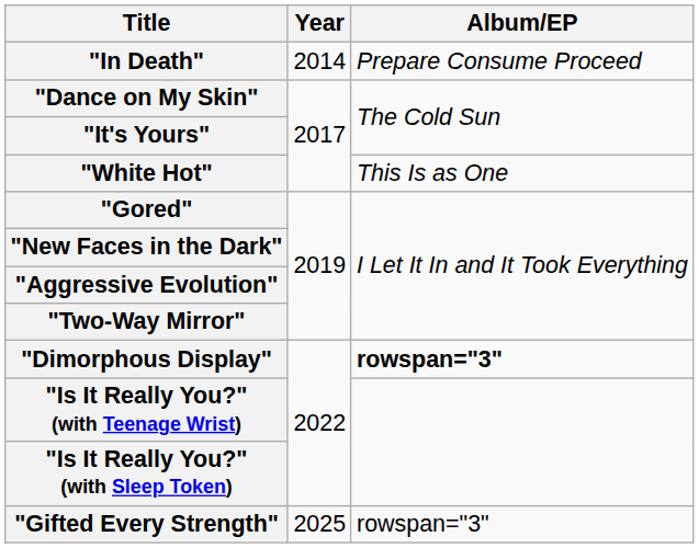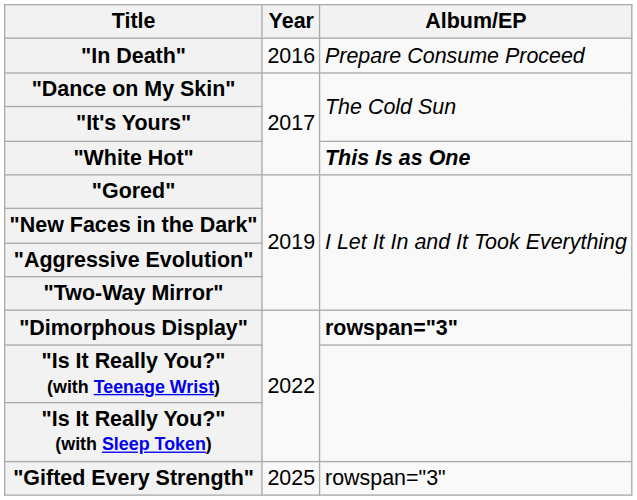 <table class="wikitable plainrowheaders">
 <tr>
 <th>Title</th>
 <th>Year</th>
 <th>Album/EP</th>
 </tr>
 <tr>
 <th scope="row">"In Death"</th>
-<td>2014</td>
+<td>2016</td>
 <td><em>Prepare Consume Proceed</em></td>
 </tr>
 <tr>
 <th scope="row">"Dance on My Skin"</th>
 <td rowspan="3" style="text-align:center;">2017</td>
 <td rowspan="2"><em>The Cold Sun</em></td>
 </tr>
 <tr>
 <th scope="row">"It's Yours"</th>
 </tr>
 <tr>
 <th scope="row">"White Hot"</th>
-<td><em>This Is as One</em></td>
+<td><strong><em>This Is as One</em></strong></td>
 </tr>
 <tr>
 <th scope="row">"Gored"</th>
 <td rowspan="4">2019</td>
 <td rowspan="4"><em>I Let It In and It Took Everything</em></td>
 </tr>
 <tr>
 <th scope="row">"New Faces in the Dark"</th>
 </tr>
 <tr>
 <th scope="row">"Aggressive Evolution"</th>
 </tr>
 <tr>
 <th scope="row">"Two-Way Mirror"</th>
 </tr>
 <tr>
 <th scope="row">"Dimorphous Display"</th>
 <td rowspan="3">2022</td>
 <td><strong>rowspan="3" </strong></td>
 </tr>
 <tr>
 <th scope="row">"Is It Really You?"<br> <small>(with <a href='#'>Teenage Wrist</a>)</small></th>
 </tr>
 <tr>
 <th scope="row">"Is It Really You?"<br> <small>(with <a href='#'>Sleep Token</a>)</small></th>
 </tr>
 <tr>
 <th scope="row">"Gifted Every Strength"</th>
 <td rowspan="3">2025</td>
 <td>rowspan="3" </td>
 </tr>
 </table>
